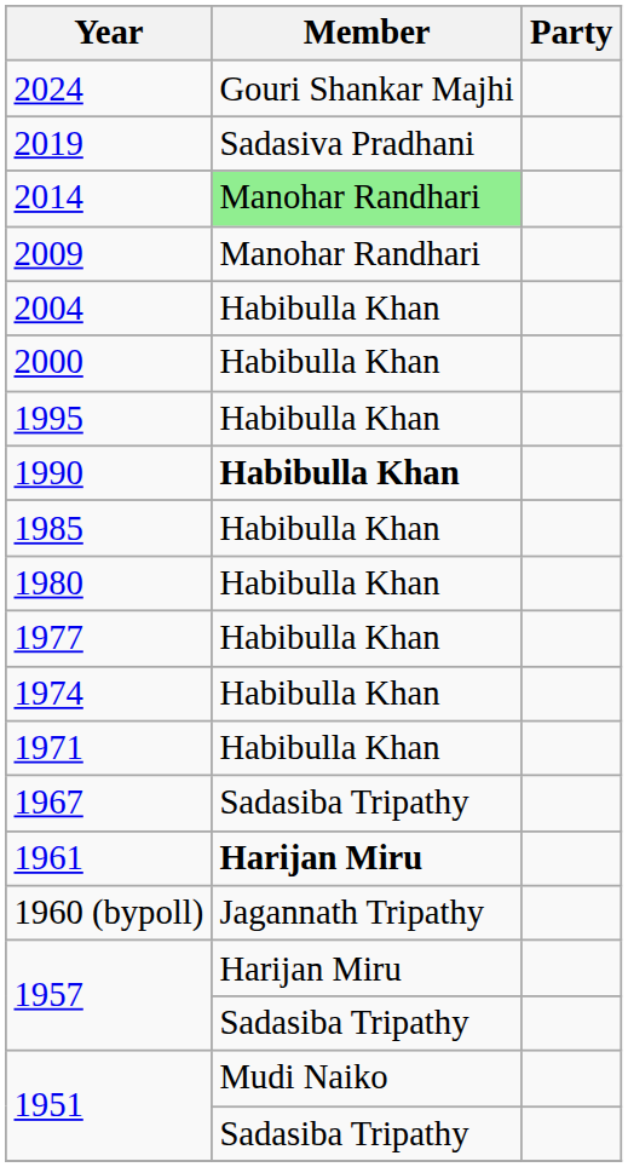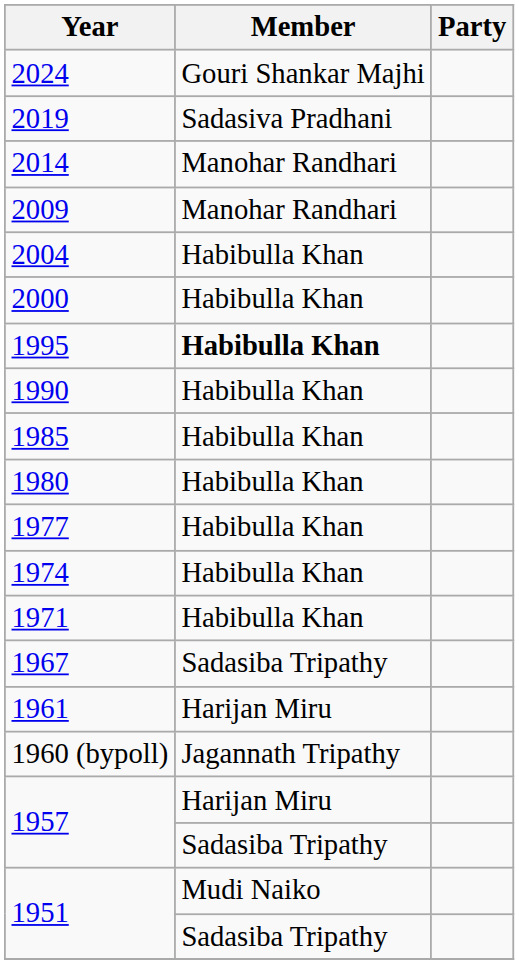 <table class="wikitable sortable">
 <tr>
 <th>Year</th>
 <th>Member</th>
 <th colspan=2>Party</th>
 </tr>
 <tr>
 <td><a href='#'>2024</a></td>
 <td>Gouri Shankar Majhi</td>
 <td></td>
 </tr>
 <tr>
 <td><a href='#'>2019</a></td>
 <td>Sadasiva Pradhani</td>
 <td></td>
 </tr>
 <tr>
 <td><a href='#'>2014</a></td>
-<td style="background: lightgreen;">Manohar Randhari</td>
+<td>Manohar Randhari</td>
 <td></td>
 </tr>
 <tr>
 <td><a href='#'>2009</a></td>
 <td>Manohar Randhari</td>
 <td></td>
 </tr>
 <tr>
 <td><a href='#'>2004</a></td>
 <td>Habibulla Khan</td>
 <td></td>
 </tr>
 <tr>
 <td><a href='#'>2000</a></td>
 <td>Habibulla Khan</td>
 <td></td>
 </tr>
 <tr>
 <td><a href='#'>1995</a></td>
-<td>Habibulla Khan</td>
+<td><strong>Habibulla Khan</strong></td>
 <td></td>
 </tr>
 <tr>
 <td><a href='#'>1990</a></td>
-<td><strong>Habibulla Khan</strong></td>
+<td>Habibulla Khan</td>
 <td></td>
 </tr>
 <tr>
 <td><a href='#'>1985</a></td>
 <td>Habibulla Khan</td>
 <td></td>
 </tr>
 <tr>
 <td><a href='#'>1980</a></td>
 <td>Habibulla Khan</td>
 <td></td>
 </tr>
 <tr>
 <td><a href='#'>1977</a></td>
 <td>Habibulla Khan</td>
 <td></td>
 </tr>
 <tr>
 <td><a href='#'>1974</a></td>
 <td>Habibulla Khan</td>
 <td></td>
 </tr>
 <tr>
 <td><a href='#'>1971</a></td>
 <td>Habibulla Khan</td>
 <td></td>
 </tr>
 <tr>
 <td><a href='#'>1967</a></td>
 <td>Sadasiba Tripathy</td>
 <td></td>
 </tr>
 <tr>
 <td><a href='#'>1961</a></td>
-<td><strong>Harijan Miru</strong></td>
+<td>Harijan Miru</td>
 <td></td>
 </tr>
 <tr>
 <td>1960 (bypoll)</td>
 <td>Jagannath Tripathy</td>
 <td></td>
 </tr>
 <tr>
 <td rowspan="2"><a href='#'>1957</a></td>
 <td>Harijan Miru</td>
 <td></td>
 </tr>
 <tr>
 <td>Sadasiba Tripathy</td>
 <td></td>
 </tr>
 <tr>
 <td rowspan="2"><a href='#'>1951</a></td>
 <td>Mudi Naiko</td>
 <td></td>
 </tr>
 <tr>
 <td>Sadasiba Tripathy</td>
 <td></td>
 </tr>
 <tr>
 </tr>
 </table>
